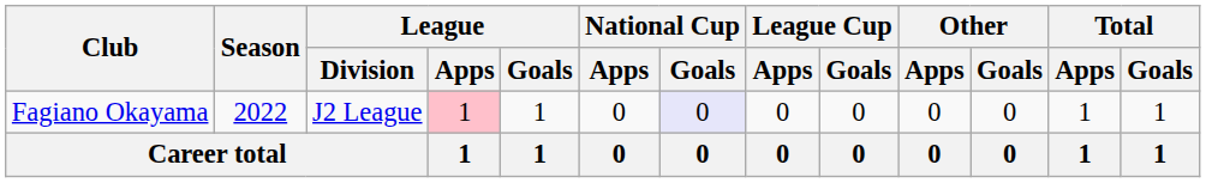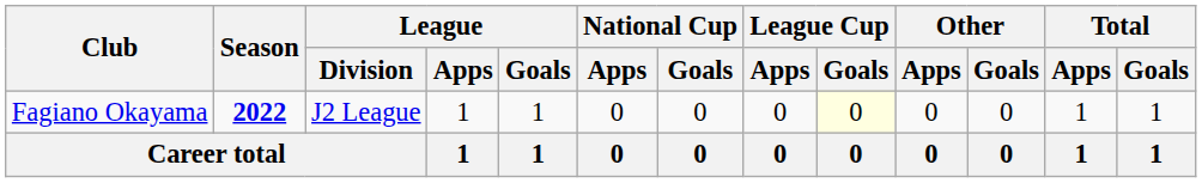 <table class="wikitable" style="text-align: center">
 <tr>
 <th rowspan="2">Club</th>
 <th rowspan="2">Season</th>
 <th colspan="3">League</th>
 <th colspan="2">National Cup</th>
 <th colspan="2">League Cup</th>
 <th colspan="2">Other</th>
 <th colspan="2">Total</th>
 </tr>
 <tr>
 <th>Division</th>
 <th>Apps</th>
 <th>Goals</th>
 <th>Apps</th>
 <th>Goals</th>
 <th>Apps</th>
 <th>Goals</th>
 <th>Apps</th>
 <th>Goals</th>
 <th>Apps</th>
 <th>Goals</th>
 </tr>
 <tr>
 <td><a href='#'>Fagiano Okayama</a></td>
-<td><a href='#'>2022</a></td>
+<td><strong><a href='#'>2022</a></strong></td>
 <td><a href='#'>J2 League</a></td>
-<td style="background: pink;">1</td>
+<td>1</td>
 <td>1</td>
 <td>0</td>
-<td style="background: lavender;">0</td>
 <td>0</td>
 <td>0</td>
+<td style="background: lightyellow;">0</td>
 <td>0</td>
 <td>0</td>
 <td>1</td>
 <td>1</td>
 </tr>
 <tr>
 <th colspan=3>Career total</th>
 <th>1</th>
 <th>1</th>
 <th>0</th>
 <th>0</th>
 <th>0</th>
 <th>0</th>
 <th>0</th>
 <th>0</th>
 <th>1</th>
 <th>1</th>
 </tr>
 </table>
